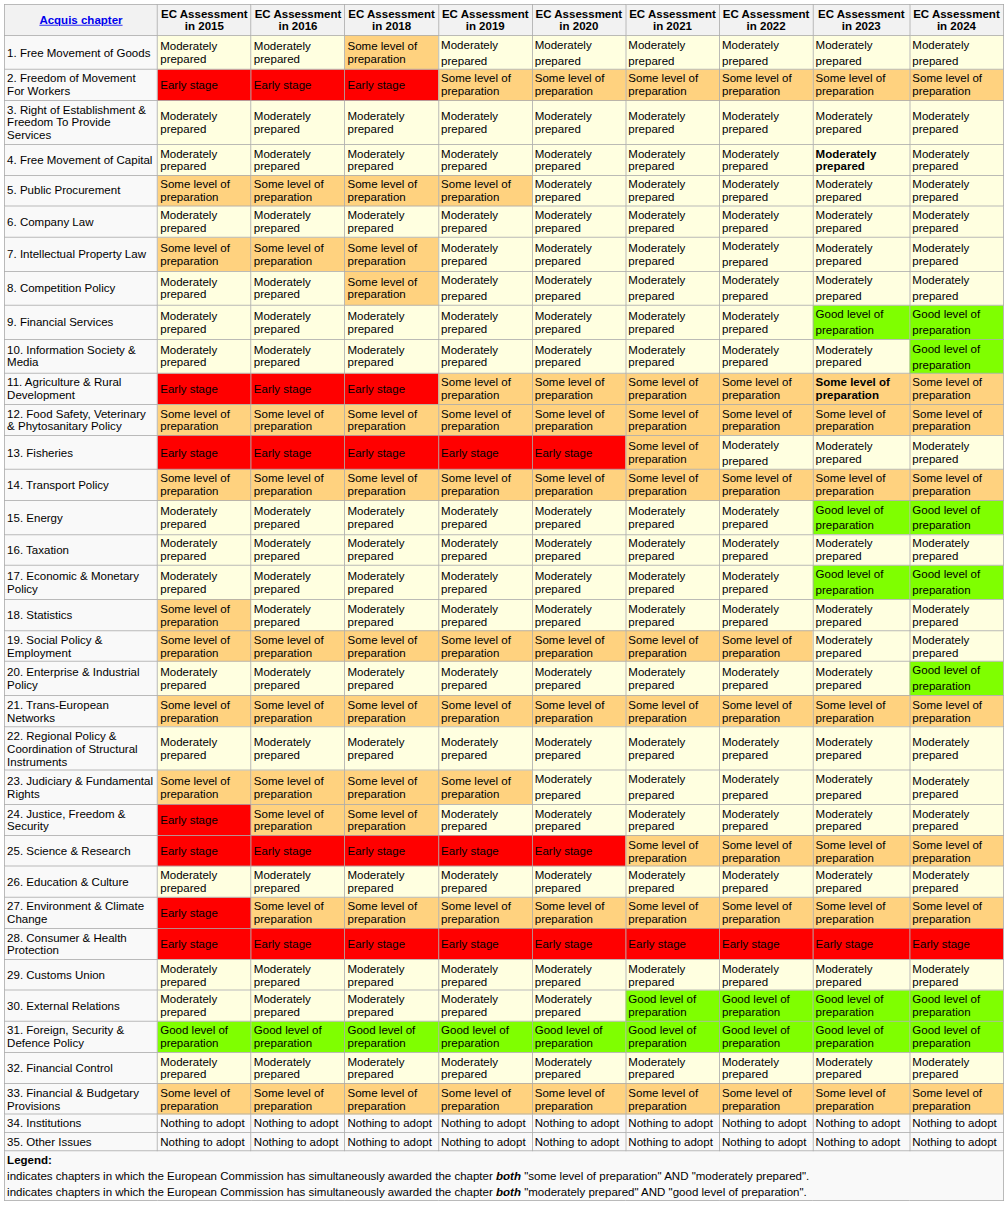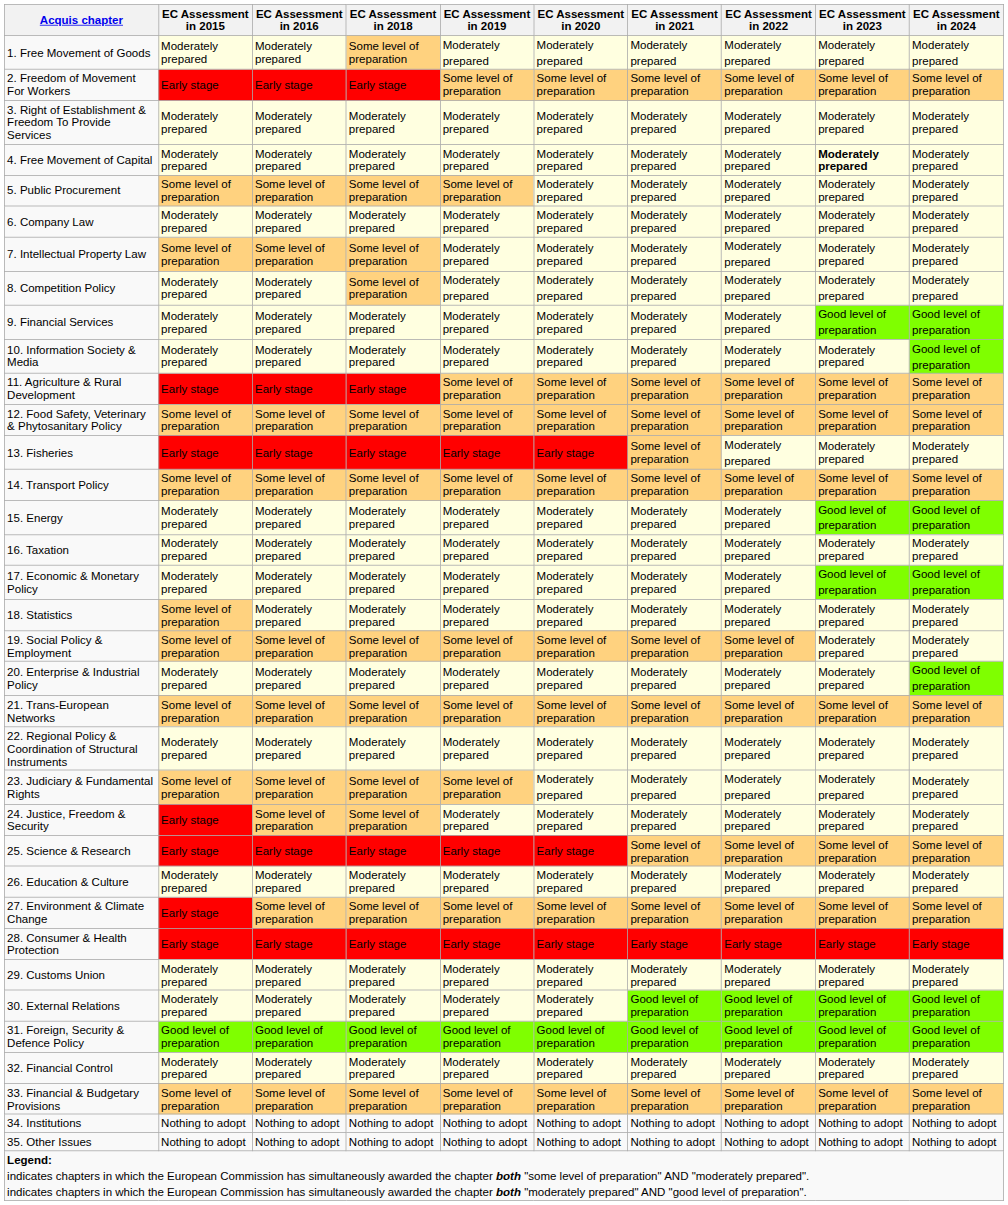 <table class="wikitable mw-collapsible mw-collapsed" style="text-align:left; font-size: 0.9em;">
 <tr>
 <th><a href='#'>Acquis chapter</a></th>
 <th>EC Assessment in 2015</th>
 <th>EC Assessment in 2016</th>
 <th>EC Assessment in 2018</th>
 <th>EC Assessment in 2019</th>
 <th>EC Assessment in 2020</th>
 <th>EC Assessment in 2021</th>
 <th>EC Assessment in 2022</th>
 <th>EC Assessment in 2023</th>
 <th>EC Assessment in 2024</th>
 </tr>
 <tr>
 <td style="text-align:left;">1. Free Movement of Goods</td>
 <td style="background:#FFFFE0;">Moderately prepared</td>
 <td style="background:#FFFFE0;">Moderately prepared</td>
 <td style="background:#FFD27F">Some level of preparation</td>
 <td style="background:#FFFFE0;">Moderately prepared<sup></sup></td>
 <td style="background:#FFFFE0;">Moderately prepared<sup></sup></td>
 <td style="background:#FFFFE0;">Moderately prepared<sup></sup></td>
 <td style="background:#FFFFE0;">Moderately prepared<sup></sup></td>
 <td style="background:#FFFFE0;">Moderately prepared<sup></sup></td>
 <td style="background:#FFFFE0;">Moderately prepared<sup></sup></td>
 </tr>
 <tr>
 <td style="text-align:left;">2. Freedom of Movement For Workers</td>
 <td style="background:#f00;">Early stage</td>
 <td style="background:#f00;">Early stage</td>
 <td style="background:#f00;">Early stage</td>
 <td style="background:#FFD27F">Some level of preparation</td>
 <td style="background:#FFD27F">Some level of preparation</td>
 <td style="background:#FFD27F">Some level of preparation</td>
 <td style="background:#FFD27F">Some level of preparation</td>
 <td style="background:#FFD27F">Some level of preparation</td>
 <td style="background:#FFD27F">Some level of preparation</td>
 </tr>
 <tr>
 <td style="text-align:left;">3. Right of Establishment & Freedom To Provide Services</td>
 <td style="background:#FFFFE0;">Moderately prepared</td>
 <td style="background:#FFFFE0;">Moderately prepared</td>
 <td style="background:#FFFFE0;">Moderately prepared</td>
 <td style="background:#FFFFE0;">Moderately prepared</td>
 <td style="background:#FFFFE0;">Moderately prepared</td>
 <td style="background:#FFFFE0;">Moderately prepared</td>
 <td style="background:#FFFFE0;">Moderately prepared</td>
 <td style="background:#FFFFE0;">Moderately prepared</td>
 <td style="background:#FFFFE0;">Moderately prepared</td>
 </tr>
 <tr>
 <td style="text-align:left;">4. Free Movement of Capital</td>
 <td style="background:#FFFFE0;">Moderately prepared</td>
 <td style="background:#FFFFE0;">Moderately prepared</td>
 <td style="background:#FFFFE0;">Moderately prepared</td>
 <td style="background:#FFFFE0;">Moderately prepared</td>
 <td style="background:#FFFFE0;">Moderately prepared</td>
 <td style="background:#FFFFE0;">Moderately prepared</td>
 <td style="background:#FFFFE0;">Moderately prepared</td>
 <td style="background:#FFFFE0;"><strong>Moderately prepared</strong></td>
 <td style="background:#FFFFE0;">Moderately prepared</td>
 </tr>
 <tr>
 <td style="text-align:left;">5. Public Procurement</td>
 <td style="background:#FFD27F;">Some level of preparation</td>
 <td style="background:#FFD27F;">Some level of preparation</td>
 <td style="background:#FFD27F">Some level of preparation</td>
 <td style="background:#FFD27F">Some level of preparation</td>
 <td style="background:#FFFFE0;">Moderately prepared</td>
 <td style="background:#FFFFE0;">Moderately prepared</td>
 <td style="background:#FFFFE0;">Moderately prepared</td>
 <td style="background:#FFFFE0;">Moderately prepared</td>
 <td style="background:#FFFFE0;">Moderately prepared</td>
 </tr>
 <tr>
 <td style="text-align:left;">6. Company Law</td>
 <td style="background:#FFFFE0;">Moderately prepared</td>
 <td style="background:#FFFFE0;">Moderately prepared</td>
 <td style="background:#FFFFE0;">Moderately prepared</td>
 <td style="background:#FFFFE0;">Moderately prepared</td>
 <td style="background:#FFFFE0;">Moderately prepared</td>
 <td style="background:#FFFFE0;">Moderately prepared</td>
 <td style="background:#FFFFE0;">Moderately prepared</td>
 <td style="background:#FFFFE0;">Moderately prepared</td>
 <td style="background:#FFFFE0;">Moderately prepared</td>
 </tr>
 <tr>
 <td style="text-align:left;">7. Intellectual Property Law</td>
 <td style="background:#FFD27F;">Some level of preparation</td>
 <td style="background:#FFD27F;">Some level of preparation</td>
 <td style="background:#FFD27F">Some level of preparation</td>
 <td style="background:#FFFFE0;">Moderately prepared</td>
 <td style="background:#FFFFE0;">Moderately prepared</td>
 <td style="background:#FFFFE0;">Moderately prepared</td>
 <td style="background:#FFFFE0;">Moderately prepared<sup></sup></td>
 <td style="background:#FFFFE0;">Moderately prepared</td>
 <td style="background:#FFFFE0;">Moderately prepared</td>
 </tr>
 <tr>
 <td style="text-align:left;">8. Competition Policy</td>
 <td style="background:#FFFFE0;">Moderately prepared</td>
 <td style="background:#FFFFE0;">Moderately prepared</td>
 <td style="background:#FFD27F">Some level of preparation</td>
 <td style="background:#FFFFE0;">Moderately prepared<sup></sup></td>
 <td style="background:#FFFFE0;">Moderately prepared<sup></sup></td>
 <td style="background:#FFFFE0;">Moderately prepared<sup></sup></td>
 <td style="background:#FFFFE0;">Moderately prepared<sup></sup></td>
 <td style="background:#FFFFE0;">Moderately prepared<sup></sup></td>
 <td style="background:#FFFFE0;">Moderately prepared<sup></sup></td>
 </tr>
 <tr>
 <td style="text-align:left;">9. Financial Services</td>
 <td style="background:#FFFFE0;">Moderately prepared</td>
 <td style="background:#FFFFE0;">Moderately prepared</td>
 <td style="background:#FFFFE0;">Moderately prepared</td>
 <td style="background:#FFFFE0;">Moderately prepared</td>
 <td style="background:#FFFFE0;">Moderately prepared</td>
 <td style="background:#FFFFE0;">Moderately prepared</td>
 <td style="background:#FFFFE0;">Moderately prepared</td>
 <td style="background:#7fff00;">Good level of preparation<sup></sup></td>
 <td style="background:#7fff00;">Good level of preparation<sup></sup></td>
 </tr>
 <tr>
 <td style="text-align:left;">10. Information Society & Media</td>
 <td style="background:#FFFFE0;">Moderately prepared</td>
 <td style="background:#FFFFE0;">Moderately prepared</td>
 <td style="background:#FFFFE0;">Moderately prepared</td>
 <td style="background:#FFFFE0;">Moderately prepared</td>
 <td style="background:#FFFFE0;">Moderately prepared</td>
 <td style="background:#FFFFE0;">Moderately prepared</td>
 <td style="background:#FFFFE0;">Moderately prepared</td>
 <td style="background:#FFFFE0;">Moderately prepared</td>
 <td style="background:#7fff00;">Good level of preparation<sup></sup></td>
 </tr>
 <tr>
 <td style="text-align:left;">11. Agriculture & Rural Development</td>
 <td style="background:#f00;">Early stage</td>
 <td style="background:#f00;">Early stage</td>
 <td style="background:#f00;">Early stage</td>
 <td style="background:#FFD27F">Some level of preparation</td>
 <td style="background:#FFD27F">Some level of preparation</td>
 <td style="background:#FFD27F">Some level of preparation</td>
 <td style="background:#FFD27F">Some level of preparation</td>
-<td style="background:#FFD27F"><strong>Some level of preparation</strong></td>
+<td style="background:#FFD27F">Some level of preparation</td>
 <td style="background:#FFD27F">Some level of preparation</td>
 </tr>
 <tr>
 <td style="text-align:left;">12. Food Safety, Veterinary & Phytosanitary Policy</td>
 <td style="background:#FFD27F;">Some level of preparation</td>
 <td style="background:#FFD27F;">Some level of preparation</td>
 <td style="background:#FFD27F">Some level of preparation</td>
 <td style="background:#FFD27F">Some level of preparation</td>
 <td style="background:#FFD27F">Some level of preparation</td>
 <td style="background:#FFD27F">Some level of preparation</td>
 <td style="background:#FFD27F">Some level of preparation</td>
 <td style="background:#FFD27F">Some level of preparation</td>
 <td style="background:#FFD27F">Some level of preparation</td>
 </tr>
 <tr>
 <td style="text-align:left;">13. Fisheries</td>
 <td style="background:#f00;">Early stage</td>
 <td style="background:#f00;">Early stage</td>
 <td style="background:#f00;">Early stage</td>
 <td style="background:#f00;">Early stage</td>
 <td style="background:#f00;">Early stage</td>
 <td style="background:#FFD27F">Some level of preparation</td>
 <td style="background:#FFFFE0;">Moderately prepared<sup></sup></td>
 <td style="background:#FFFFE0;">Moderately prepared</td>
 <td style="background:#FFFFE0;">Moderately prepared</td>
 </tr>
 <tr>
 <td style="text-align:left;">14. Transport Policy</td>
 <td style="background:#FFD27F;">Some level of preparation</td>
 <td style="background:#FFD27F;">Some level of preparation</td>
 <td style="background:#FFD27F">Some level of preparation</td>
 <td style="background:#FFD27F">Some level of preparation</td>
 <td style="background:#FFD27F">Some level of preparation</td>
 <td style="background:#FFD27F">Some level of preparation</td>
 <td style="background:#FFD27F">Some level of preparation</td>
 <td style="background:#FFD27F">Some level of preparation</td>
 <td style="background:#FFD27F">Some level of preparation</td>
 </tr>
 <tr>
 <td style="text-align:left;">15. Energy</td>
 <td style="background:#FFFFE0;">Moderately prepared</td>
 <td style="background:#FFFFE0;">Moderately prepared</td>
 <td style="background:#FFFFE0;">Moderately prepared</td>
 <td style="background:#FFFFE0;">Moderately prepared</td>
 <td style="background:#FFFFE0;">Moderately prepared</td>
 <td style="background:#FFFFE0;">Moderately prepared</td>
 <td style="background:#FFFFE0;">Moderately prepared</td>
 <td style="background:#7fff00;">Good level of preparation<sup></sup></td>
 <td style="background:#7fff00;">Good level of preparation<sup></sup></td>
 </tr>
 <tr>
 <td style="text-align:left;">16. Taxation</td>
 <td style="background:#FFFFE0;">Moderately prepared</td>
 <td style="background:#FFFFE0;">Moderately prepared</td>
 <td style="background:#FFFFE0;">Moderately prepared</td>
 <td style="background:#FFFFE0;">Moderately prepared</td>
 <td style="background:#FFFFE0;">Moderately prepared</td>
 <td style="background:#FFFFE0;">Moderately prepared</td>
 <td style="background:#FFFFE0;">Moderately prepared</td>
 <td style="background:#FFFFE0;">Moderately prepared</td>
 <td style="background:#FFFFE0;">Moderately prepared</td>
 </tr>
 <tr>
 <td style="text-align:left;">17. Economic & Monetary Policy</td>
 <td style="background:#FFFFE0;">Moderately prepared</td>
 <td style="background:#FFFFE0;">Moderately prepared</td>
 <td style="background:#FFFFE0;">Moderately prepared</td>
 <td style="background:#FFFFE0;">Moderately prepared</td>
 <td style="background:#FFFFE0;">Moderately prepared</td>
 <td style="background:#FFFFE0;">Moderately prepared</td>
 <td style="background:#FFFFE0;">Moderately prepared</td>
 <td style="background:#7fff00;">Good level of preparation<sup></sup></td>
 <td style="background:#7fff00;">Good level of preparation<sup></sup></td>
 </tr>
 <tr>
 <td style="text-align:left;">18. Statistics</td>
 <td style="background:#FFD27F;">Some level of preparation</td>
 <td style="background:#FFFFE0;">Moderately prepared</td>
 <td style="background:#FFFFE0;">Moderately prepared</td>
 <td style="background:#FFFFE0;">Moderately prepared</td>
 <td style="background:#FFFFE0;">Moderately prepared</td>
 <td style="background:#FFFFE0;">Moderately prepared</td>
 <td style="background:#FFFFE0;">Moderately prepared</td>
 <td style="background:#FFFFE0;">Moderately prepared</td>
 <td style="background:#FFFFE0;">Moderately prepared</td>
 </tr>
 <tr>
 <td style="text-align:left;">19. Social Policy & Employment</td>
 <td style="background:#FFD27F;">Some level of preparation</td>
 <td style="background:#FFD27F;">Some level of preparation</td>
 <td style="background:#FFD27F">Some level of preparation</td>
 <td style="background:#FFD27F">Some level of preparation</td>
 <td style="background:#FFD27F">Some level of preparation</td>
 <td style="background:#FFD27F">Some level of preparation</td>
 <td style="background:#FFD27F">Some level of preparation</td>
 <td style="background:#FFFFE0;">Moderately prepared</td>
 <td style="background:#FFFFE0">Moderately prepared</td>
 </tr>
 <tr>
 <td style="text-align:left;">20. Enterprise & Industrial Policy</td>
 <td style="background:#FFFFE0;">Moderately prepared</td>
 <td style="background:#FFFFE0;">Moderately prepared</td>
 <td style="background:#FFFFE0;">Moderately prepared</td>
 <td style="background:#FFFFE0;">Moderately prepared</td>
 <td style="background:#FFFFE0;">Moderately prepared</td>
 <td style="background:#FFFFE0;">Moderately prepared</td>
 <td style="background:#FFFFE0;">Moderately prepared</td>
 <td style="background:#FFFFE0;">Moderately prepared</td>
 <td style="background:#7fff00;">Good level of preparation<sup></sup></td>
 </tr>
 <tr>
 <td style="text-align:left;">21. Trans-European Networks</td>
 <td style="background:#FFD27F;">Some level of preparation</td>
 <td style="background:#FFD27F;">Some level of preparation</td>
 <td style="background:#FFD27F">Some level of preparation</td>
 <td style="background:#FFD27F">Some level of preparation</td>
 <td style="background:#FFD27F">Some level of preparation</td>
 <td style="background:#FFD27F">Some level of preparation</td>
 <td style="background:#FFD27F">Some level of preparation</td>
 <td style="background:#FFD27F">Some level of preparation</td>
 <td style="background:#FFD27F">Some level of preparation</td>
 </tr>
 <tr>
 <td style="text-align:left;">22. Regional Policy & Coordination of Structural Instruments</td>
 <td style="background:#FFFFE0;">Moderately prepared</td>
 <td style="background:#FFFFE0;">Moderately prepared</td>
 <td style="background:#FFFFE0;">Moderately prepared</td>
 <td style="background:#FFFFE0;">Moderately prepared</td>
 <td style="background:#FFFFE0;">Moderately prepared</td>
 <td style="background:#FFFFE0;">Moderately prepared</td>
 <td style="background:#FFFFE0;">Moderately prepared</td>
 <td style="background:#FFFFE0;">Moderately prepared</td>
 <td style="background:#FFFFE0;">Moderately prepared</td>
 </tr>
 <tr>
 <td style="text-align:left;">23. Judiciary & Fundamental Rights</td>
 <td style="background:#FFD27F;">Some level of preparation</td>
 <td style="background:#FFD27F;">Some level of preparation</td>
 <td style="background:#FFD27F">Some level of preparation</td>
 <td style="background:#FFD27F">Some level of preparation</td>
 <td style="background:#FFFFE0;">Moderately prepared<sup></sup></td>
 <td style="background:#FFFFE0;">Moderately prepared<sup></sup></td>
 <td style="background:#FFFFE0;">Moderately prepared<sup></sup></td>
 <td style="background:#FFFFE0;">Moderately prepared<sup></sup></td>
 <td style="background:#FFFFE0;">Moderately prepared</td>
 </tr>
 <tr>
 <td style="text-align:left;">24. Justice, Freedom & Security</td>
 <td style="background:#f00;">Early stage</td>
 <td style="background:#FFD27F;">Some level of preparation</td>
 <td style="background:#FFD27F">Some level of preparation</td>
 <td style="background:#FFFFE0;">Moderately prepared</td>
 <td style="background:#FFFFE0;">Moderately prepared</td>
 <td style="background:#FFFFE0;">Moderately prepared</td>
 <td style="background:#FFFFE0;">Moderately prepared</td>
 <td style="background:#FFFFE0;">Moderately prepared</td>
 <td style="background:#FFFFE0;">Moderately prepared</td>
 </tr>
 <tr>
 <td style="text-align:left;">25. Science & Research</td>
 <td style="background:#f00;">Early stage</td>
 <td style="background:#f00;">Early stage</td>
 <td style="background:#f00;">Early stage</td>
 <td style="background:#f00;">Early stage</td>
 <td style="background:#f00;">Early stage</td>
 <td style="background:#FFD27F">Some level of preparation</td>
 <td style="background:#FFD27F">Some level of preparation</td>
 <td style="background:#FFD27F">Some level of preparation</td>
 <td style="background:#FFD27F">Some level of preparation</td>
 </tr>
 <tr>
 <td style="text-align:left;">26. Education & Culture</td>
 <td style="background:#FFFFE0;">Moderately prepared</td>
 <td style="background:#FFFFE0;">Moderately prepared</td>
 <td style="background:#FFFFE0;">Moderately prepared</td>
 <td style="background:#FFFFE0;">Moderately prepared</td>
 <td style="background:#FFFFE0;">Moderately prepared</td>
 <td style="background:#FFFFE0;">Moderately prepared</td>
 <td style="background:#FFFFE0;">Moderately prepared</td>
 <td style="background:#FFFFE0;">Moderately prepared</td>
 <td style="background:#FFFFE0;">Moderately prepared</td>
 </tr>
 <tr>
 <td style="text-align:left;">27. Environment & Climate Change</td>
 <td style="background:#f00;">Early stage</td>
 <td style="background:#FFD27F;">Some level of preparation</td>
 <td style="background:#FFD27F">Some level of preparation</td>
 <td style="background:#FFD27F">Some level of preparation</td>
 <td style="background:#FFD27F">Some level of preparation</td>
 <td style="background:#FFD27F">Some level of preparation</td>
 <td style="background:#FFD27F">Some level of preparation</td>
 <td style="background:#FFD27F">Some level of preparation</td>
 <td style="background:#FFD27F">Some level of preparation</td>
 </tr>
 <tr>
 <td style="text-align:left;">28. Consumer & Health Protection</td>
 <td style="background:#f00;">Early stage</td>
 <td style="background:#f00;">Early stage</td>
 <td style="background:#f00;">Early stage</td>
 <td style="background:#f00;">Early stage</td>
 <td style="background:#f00;">Early stage</td>
 <td style="background:#f00;">Early stage</td>
 <td style="background:#f00;">Early stage</td>
 <td style="background:#f00;">Early stage</td>
 <td style="background:#f00;">Early stage</td>
 </tr>
 <tr>
 <td style="text-align:left;">29. Customs Union</td>
 <td style="background:#FFFFE0;">Moderately prepared</td>
 <td style="background:#FFFFE0;">Moderately prepared</td>
 <td style="background:#FFFFE0;">Moderately prepared</td>
 <td style="background:#FFFFE0;">Moderately prepared</td>
 <td style="background:#FFFFE0;">Moderately prepared</td>
 <td style="background:#FFFFE0;">Moderately prepared</td>
 <td style="background:#FFFFE0;">Moderately prepared</td>
 <td style="background:#FFFFE0;">Moderately prepared</td>
 <td style="background:#FFFFE0;">Moderately prepared</td>
 </tr>
 <tr>
 <td style="text-align:left;">30. External Relations</td>
 <td style="background:#FFFFE0;">Moderately prepared</td>
 <td style="background:#FFFFE0;">Moderately prepared</td>
 <td style="background:#FFFFE0;">Moderately prepared</td>
 <td style="background:#FFFFE0;">Moderately prepared</td>
 <td style="background:#FFFFE0;">Moderately prepared</td>
 <td style="background:#7fff00;">Good level of preparation</td>
 <td style="background:#7fff00;">Good level of preparation</td>
 <td style="background:#7fff00;">Good level of preparation</td>
 <td style="background:#7fff00;">Good level of preparation</td>
 </tr>
 <tr>
 <td style="text-align:left;">31. Foreign, Security & Defence Policy</td>
 <td style="background:#7fff00;">Good level of preparation</td>
 <td style="background:#7fff00;">Good level of preparation</td>
 <td style="background:#7fff00;">Good level of preparation</td>
 <td style="background:#7fff00;">Good level of preparation</td>
 <td style="background:#7fff00;">Good level of preparation</td>
 <td style="background:#7fff00;">Good level of preparation</td>
 <td style="background:#7fff00;">Good level of preparation</td>
 <td style="background:#7fff00;">Good level of preparation</td>
 <td style="background:#7fff00;">Good level of preparation</td>
 </tr>
 <tr>
 <td style="text-align:left;">32. Financial Control</td>
 <td style="background:#FFFFE0;">Moderately prepared</td>
 <td style="background:#FFFFE0;">Moderately prepared</td>
 <td style="background:#FFFFE0;">Moderately prepared</td>
 <td style="background:#FFFFE0;">Moderately prepared</td>
 <td style="background:#FFFFE0;">Moderately prepared</td>
 <td style="background:#FFFFE0;">Moderately prepared</td>
 <td style="background:#FFFFE0;">Moderately prepared</td>
 <td style="background:#FFFFE0;">Moderately prepared</td>
 <td style="background:#FFFFE0;">Moderately prepared</td>
 </tr>
 <tr>
 <td style="text-align:left;">33. Financial & Budgetary Provisions</td>
 <td style="background:#FFD27F;">Some level of preparation</td>
 <td style="background:#FFD27F;">Some level of preparation</td>
 <td style="background:#FFD27F">Some level of preparation</td>
 <td style="background:#FFD27F">Some level of preparation</td>
 <td style="background:#FFD27F">Some level of preparation</td>
 <td style="background:#FFD27F">Some level of preparation</td>
 <td style="background:#FFD27F">Some level of preparation</td>
 <td style="background:#FFD27F">Some level of preparation</td>
 <td style="background:#FFD27F">Some level of preparation</td>
 </tr>
 <tr>
 <td style="text-align:left;">34. Institutions</td>
 <td>Nothing to adopt</td>
 <td>Nothing to adopt</td>
 <td>Nothing to adopt</td>
 <td>Nothing to adopt</td>
 <td>Nothing to adopt</td>
 <td>Nothing to adopt</td>
 <td>Nothing to adopt</td>
 <td>Nothing to adopt</td>
 <td>Nothing to adopt</td>
 </tr>
 <tr>
 <td style="text-align:left;">35. Other Issues</td>
 <td>Nothing to adopt</td>
 <td>Nothing to adopt</td>
 <td>Nothing to adopt</td>
 <td>Nothing to adopt</td>
 <td>Nothing to adopt</td>
 <td>Nothing to adopt</td>
 <td>Nothing to adopt</td>
 <td>Nothing to adopt</td>
 <td>Nothing to adopt</td>
 </tr>
 <tr>
 <td colspan="10"><strong>Legend:</strong><br><sup></sup> indicates chapters in which the European Commission has simultaneously awarded the chapter <strong><em>both</em></strong> "some level of preparation" AND "moderately prepared".<br><sup></sup> indicates chapters in which the European Commission has simultaneously awarded the chapter <strong><em>both</em></strong> "moderately prepared" AND "good level of preparation".<br>        </td>
 </tr>
 </table>
